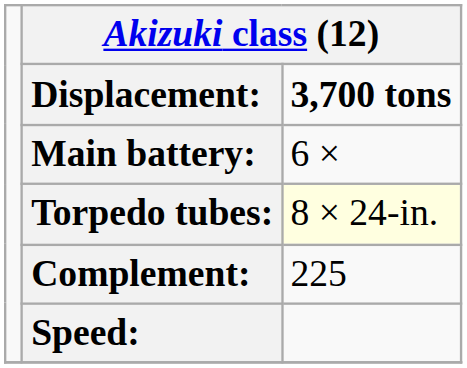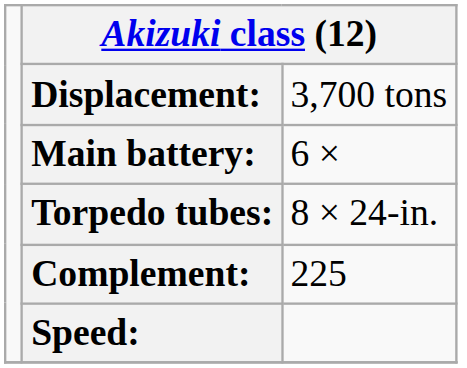 <table class="wikitable plainrowheaders" style="text-align:left">
 <tr valign="bottom">
 <td rowspan=6 style="text-align:center"></td>
 <th colspan=2 style="text-align:center"><a href='#'><em>Akizuki</em> class</a> (12)</th>
 </tr>
 <tr>
 <th style="text-align:left">Displacement:</th>
-<td><strong>3,700 tons</strong></td>
+<td>3,700 tons</td>
 </tr>
 <tr>
 <th style="text-align:left">Main battery:</th>
 <td>6 × </td>
 </tr>
 <tr>
 <th style="text-align:left">Torpedo tubes:</th>
-<td style="background: lightyellow;">8 × 24‑in.</td>
+<td>8 × 24‑in.</td>
 </tr>
 <tr>
 <th style="text-align:left">Complement:</th>
 <td>225</td>
 </tr>
 <tr>
 <th style="text-align:left">Speed:</th>
 <td></td>
 </tr>
 <tr>
 </tr>
 </table>
